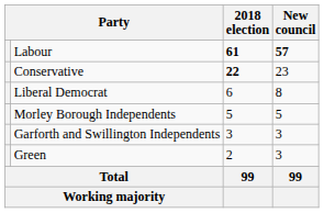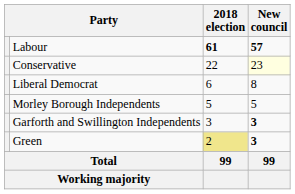 <table class="wikitable">
 <tr>
 <th colspan="2" style="width:230px;">Party</th>
 <th style="vertical-align:top; width:30px;">2018 election</th>
 <th style="vertical-align:top; width:30px;">New council</th>
 </tr>
 <tr>
 <th style="background-color: "></th>
 <td>Labour</td>
 <td><strong>61</strong></td>
 <td><strong>57</strong></td>
 </tr>
 <tr>
 <th style="background-color: "></th>
 <td>Conservative</td>
-<td><strong>22</strong></td>
-<td>23</td>
+<td>22</td>
+<td style="background: lightyellow;">23</td>
 </tr>
 <tr>
 <th style="background-color: "></th>
 <td>Liberal Democrat</td>
 <td>6</td>
 <td>8</td>
 </tr>
 <tr>
 <th style="background-color: "></th>
 <td>Morley Borough Independents</td>
 <td>5</td>
 <td>5</td>
 </tr>
 <tr>
 <th style="background-color: "></th>
 <td>Garforth and Swillington Independents</td>
 <td>3</td>
-<td>3</td>
+<td><strong>3</strong></td>
 </tr>
 <tr>
 <th style="background-color: "></th>
 <td>Green</td>
-<td>2</td>
-<td>3</td>
+<td style="background: khaki;">2</td>
+<td><strong>3</strong></td>
 </tr>
 <tr>
 <th colspan=2>Total</th>
 <th style="text-align: center">99</th>
 <th>99</th>
 </tr>
 <tr>
 <th colspan=2>Working majority</th>
 <th></th>
 <th></th>
 </tr>
 </table>
